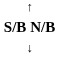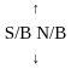 <table style="text-align:center;">
 <tr>
 <td><small>  ↑ </small></td>
 </tr>
 <tr>
-<td><strong><span>S/B</span>     <span>N/B</span></strong></td>
+<td><span>S/B</span>     <span>N/B</span></td>
 </tr>
 <tr>
 <td><small> ↓ </small></td>
 </tr>
 </table>
